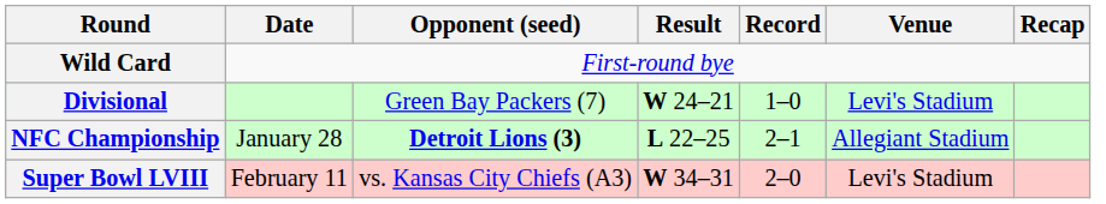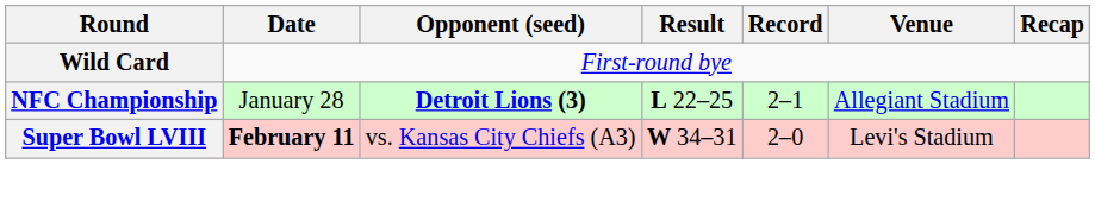 <table class="wikitable" style="text-align:center">
 <tr>
 <th>Round</th>
 <th>Date</th>
 <th>Opponent (seed)</th>
 <th>Result</th>
 <th>Record</th>
 <th>Venue</th>
 <th>Recap</th>
 </tr>
 <tr>
 <th>Wild Card</th>
 <td colspan="6"><em><a href='#'>First-round bye</a></em></td>
 </tr>
 <tr style="background:#cfc">
-<th><a href='#'>Divisional</a></th>
-<td></td>
-<td><a href='#'>Green Bay Packers</a> (7)</td>
-<td><strong>W</strong> 24–21</td>
-<td>1–0</td>
-<td><a href='#'>Levi's Stadium</a></td>
-<td></td>
-</tr>
-<tr style="background:#cfc">
 <th><a href='#'>NFC Championship</a></th>
 <td>January 28</td>
 <td><strong><a href='#'>Detroit Lions</a> (3)</strong></td>
 <td><strong>L</strong> 22–25 </td>
 <td>2–1</td>
 <td><a href='#'>Allegiant Stadium</a></td>
 <td></td>
 </tr>
 <tr style="background:#fcc">
 <th><a href='#'>Super Bowl LVIII</a></th>
-<td>February 11</td>
+<td><strong>February 11</strong></td>
 <td>vs. <a href='#'>Kansas City Chiefs</a> (A3)</td>
 <td><strong>W</strong> 34–31</td>
 <td>2–0</td>
 <td>Levi's Stadium</td>
 <td></td>
 </tr>
 </table>
